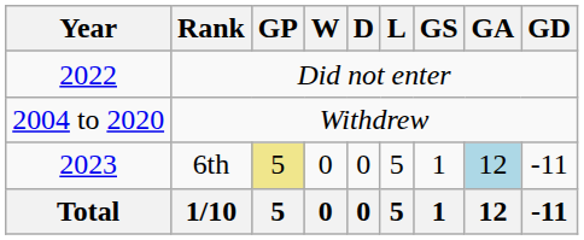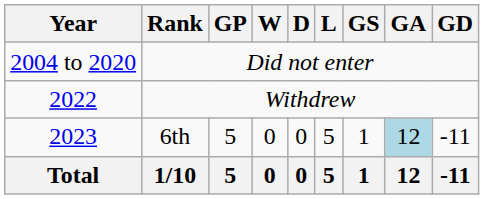 <table class="wikitable" style="text-align: center;">
 <tr>
 <th>Year</th>
 <th>Rank</th>
 <th>GP</th>
 <th>W</th>
 <th>D</th>
 <th>L</th>
 <th>GS</th>
 <th>GA</th>
 <th>GD</th>
 </tr>
 <tr>
-<td> <a href='#'>2022</a></td>
+<td> <a href='#'>2004</a> to  <a href='#'>2020</a></td>
 <td rowspan=1 colspan=9><em>Did not enter</em></td>
 </tr>
 <tr>
-<td> <a href='#'>2004</a> to  <a href='#'>2020</a></td>
+<td> <a href='#'>2022</a></td>
 <td rowspan=1 colspan=9><em>Withdrew</em></td>
 </tr>
 <tr>
 <td> <a href='#'>2023</a></td>
 <td>6th</td>
-<td style="background: khaki;">5</td>
+<td>5</td>
 <td>0</td>
 <td>0</td>
 <td>5</td>
 <td>1</td>
 <td style="background: lightblue;">12</td>
 <td>-11</td>
 </tr>
 <tr>
 <th>Total</th>
 <th>1/10</th>
 <th>5</th>
 <th>0</th>
 <th>0</th>
 <th>5</th>
 <th>1</th>
 <th>12</th>
 <th>-11</th>
 </tr>
 </table>
